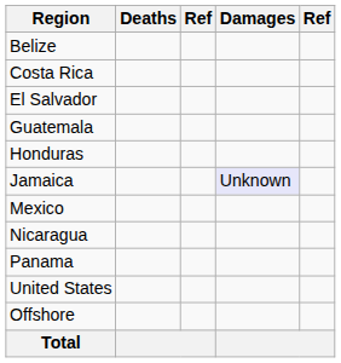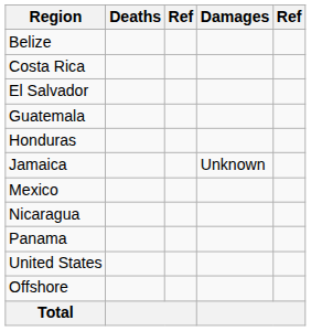 <table class="wikitable sortable" style="float:right;">
 <tr>
 <th>Region</th>
 <th>Deaths</th>
 <th class="unsortable">Ref</th>
 <th>Damages</th>
 <th class="unsortable">Ref</th>
 </tr>
 <tr>
 <td>Belize</td>
 <td></td>
 <td></td>
 <td></td>
 <td></td>
 </tr>
 <tr>
 <td>Costa Rica</td>
 <td></td>
 <td></td>
 <td></td>
 <td></td>
 </tr>
 <tr>
 <td>El Salvador</td>
 <td></td>
 <td></td>
 <td></td>
 <td></td>
 </tr>
 <tr>
 <td>Guatemala</td>
 <td></td>
 <td></td>
 <td></td>
 <td></td>
 </tr>
 <tr>
 <td>Honduras</td>
 <td></td>
 <td></td>
 <td></td>
 <td></td>
 </tr>
 <tr>
 <td>Jamaica</td>
 <td></td>
 <td></td>
-<td style="background: lavender;">Unknown</td>
+<td>Unknown</td>
 <td></td>
 </tr>
 <tr>
 <td>Mexico</td>
 <td></td>
 <td></td>
 <td></td>
 <td></td>
 </tr>
 <tr>
 <td>Nicaragua</td>
 <td></td>
 <td></td>
 <td></td>
 <td></td>
 </tr>
 <tr>
 <td>Panama</td>
 <td></td>
 <td></td>
 <td></td>
 <td></td>
 </tr>
 <tr>
 <td>United States</td>
 <td></td>
 <td></td>
 <td></td>
 <td></td>
 </tr>
 <tr>
 <td>Offshore</td>
 <td></td>
 <td></td>
 <td></td>
 <td></td>
 </tr>
 <tr class="sortbottom">
 <th>Total</th>
 <th colspan=2></th>
 <th colspan=2></th>
 </tr>
 </table>
